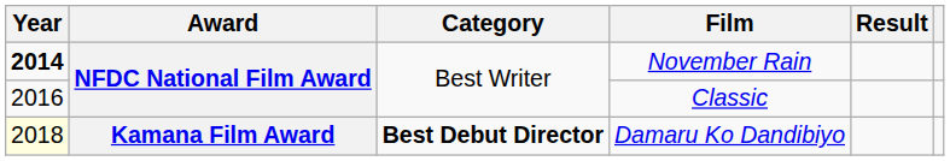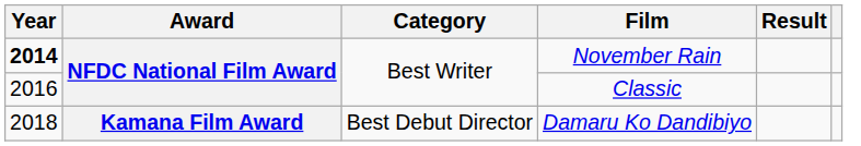 <table class="wikitable plainrowheaders sortable" style="text-align:center;">
 <tr>
 <th scope="col">Year</th>
 <th scope="col">Award</th>
 <th scope="col">Category</th>
 <th scope="col">Film</th>
 <th scope="col">Result</th>
 <th scope="col" class="unsortable"></th>
 </tr>
 <tr>
 <td><strong>2014</strong></td>
 <th scope="row" rowspan="2"><a href='#'>NFDC National Film Award</a></th>
 <td rowspan="2">Best Writer</td>
 <td><a href='#'><em>November Rain</em></a></td>
 <td></td>
 <td></td>
 </tr>
 <tr>
 <td>2016</td>
 <td><a href='#'><em>Classic</em></a></td>
 <td></td>
 <td></td>
 </tr>
 <tr>
-<td style="background: lightyellow;">2018</td>
+<td>2018</td>
 <th scope="row"><a href='#'>Kamana Film Award</a></th>
-<td><strong>Best Debut Director</strong></td>
+<td>Best Debut Director</td>
 <td><em><a href='#'>Damaru Ko Dandibiyo</a></em></td>
 <td></td>
 <td></td>
 </tr>
 </table>
